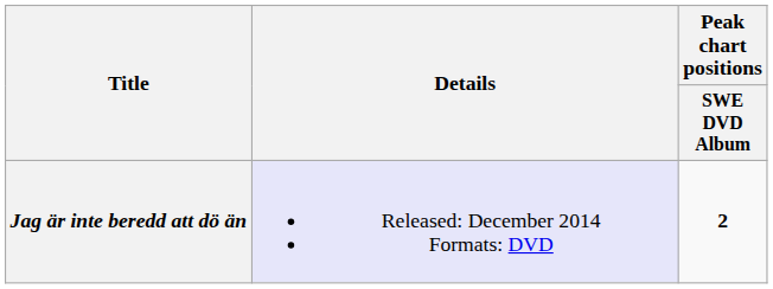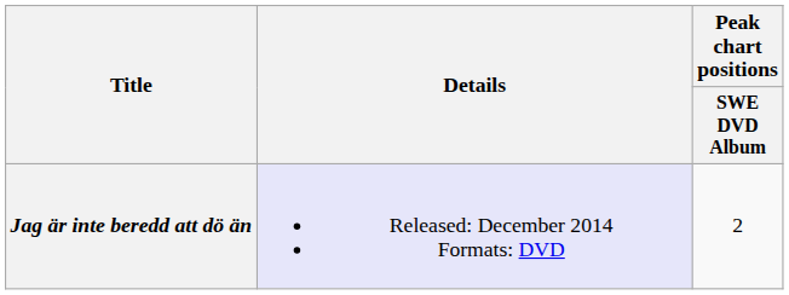 <table class="wikitable plainrowheaders" style="text-align: center">
 <tr>
 <th rowspan="2">Title</th>
 <th scope="col" rowspan="2" style="width:20em;">Details</th>
 <th width="60">Peak chart positions</th>
 </tr>
 <tr style="font-size:90%;">
 <th style="width:4em;">SWE DVD Album<br></th>
 </tr>
 <tr>
 <th scope="row"><em>Jag är inte beredd att dö än</em></th>
 <td style="background: lavender;"><br><ul><li>Released: December 2014</li><li>Formats: <a href='#'>DVD</a></li></ul></td>
-<td><strong>2</strong></td>
+<td>2</td>
 </tr>
 </table>
